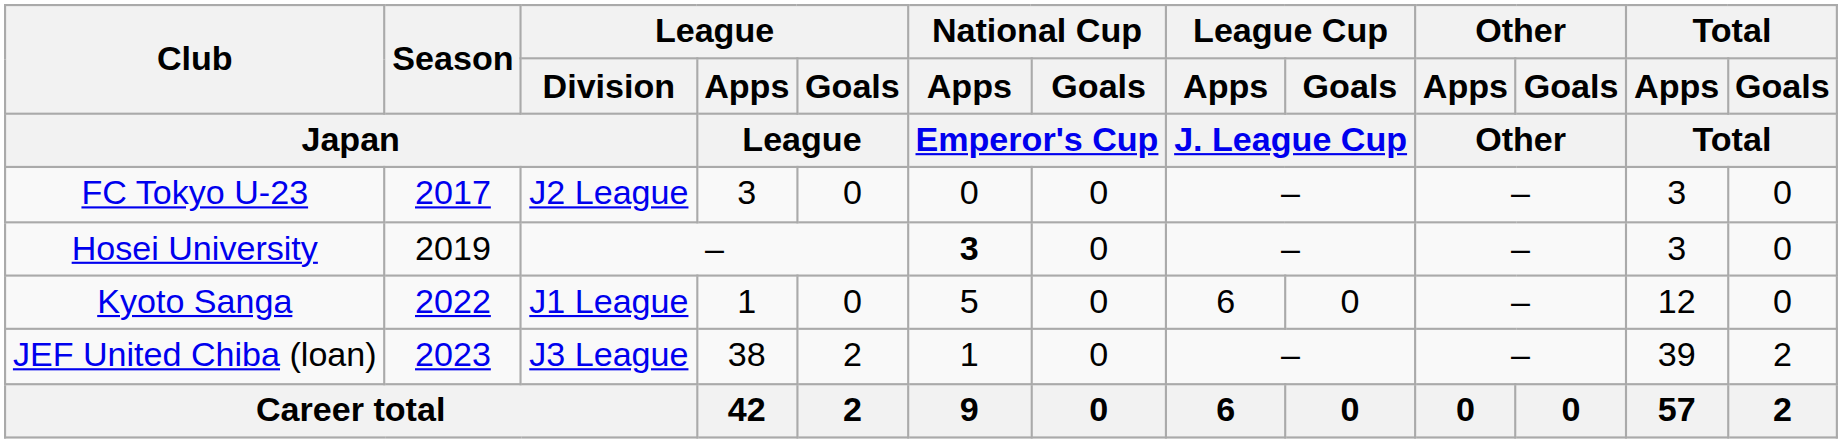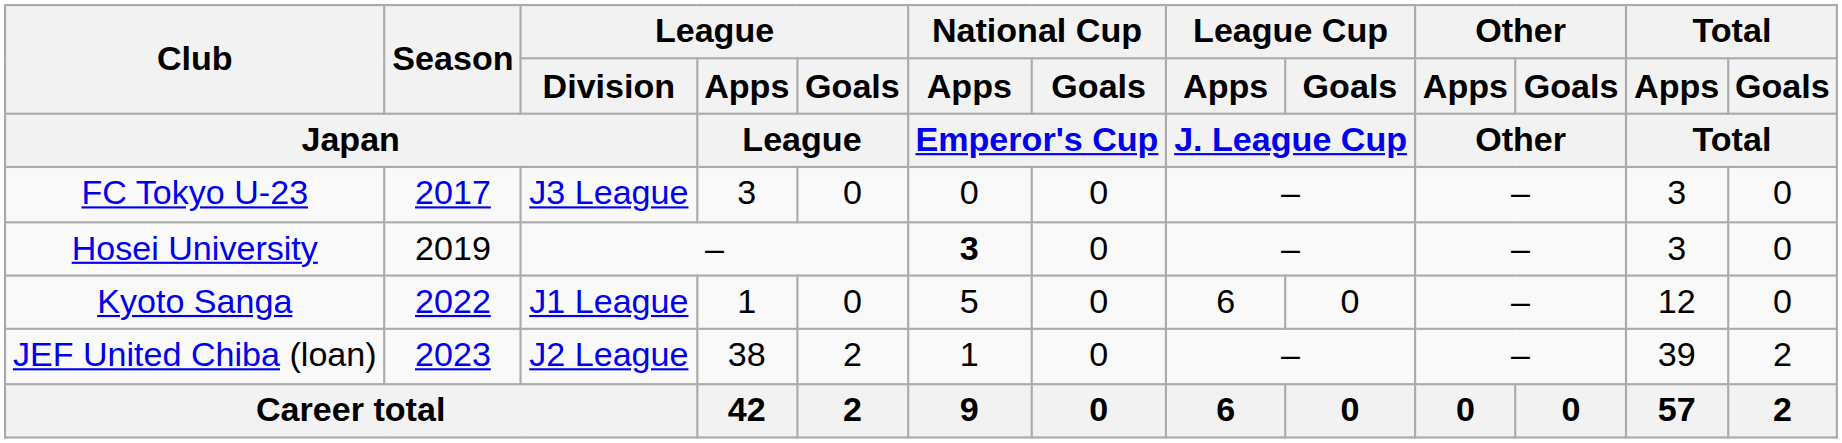 <table class="wikitable" style="text-align: center">
 <tr>
 <th rowspan="2">Club</th>
 <th rowspan="2">Season</th>
 <th colspan="3">League</th>
 <th colspan="2">National Cup</th>
 <th colspan="2">League Cup</th>
 <th colspan="2">Other</th>
 <th colspan="2">Total</th>
 </tr>
 <tr>
 <th>Division</th>
 <th>Apps</th>
 <th>Goals</th>
 <th>Apps</th>
 <th>Goals</th>
 <th>Apps</th>
 <th>Goals</th>
 <th>Apps</th>
 <th>Goals</th>
 <th>Apps</th>
 <th>Goals</th>
 </tr>
 <tr>
 <th colspan=3>Japan</th>
 <th colspan=2>League</th>
 <th colspan=2><a href='#'>Emperor's Cup</a></th>
 <th colspan=2><a href='#'>J. League Cup</a></th>
 <th colspan=2>Other</th>
 <th colspan=2>Total</th>
 </tr>
 <tr>
 <td><a href='#'>FC Tokyo U-23</a></td>
 <td><a href='#'>2017</a></td>
-<td><a href='#'>J2 League</a></td>
+<td><a href='#'>J3 League</a></td>
 <td>3</td>
 <td>0</td>
 <td>0</td>
 <td>0</td>
 <td colspan="2">–</td>
 <td colspan="2">–</td>
 <td>3</td>
 <td>0</td>
 </tr>
 <tr>
 <td><a href='#'>Hosei University</a></td>
 <td>2019</td>
 <td colspan="3">–</td>
 <td><strong>3</strong></td>
 <td>0</td>
 <td colspan="2">–</td>
 <td colspan="2">–</td>
 <td>3</td>
 <td>0</td>
 </tr>
 <tr>
 <td><a href='#'>Kyoto Sanga</a></td>
 <td><a href='#'>2022</a></td>
 <td><a href='#'>J1 League</a></td>
 <td>1</td>
 <td>0</td>
 <td>5</td>
 <td>0</td>
 <td>6</td>
 <td>0</td>
 <td colspan="2">–</td>
 <td>12</td>
 <td>0</td>
 </tr>
 <tr>
 <td><a href='#'>JEF United Chiba</a> (loan)</td>
 <td><a href='#'>2023</a></td>
-<td><a href='#'>J3 League</a></td>
+<td><a href='#'>J2 League</a></td>
 <td>38</td>
 <td>2</td>
 <td>1</td>
 <td>0</td>
 <td colspan="2">–</td>
 <td colspan="2">–</td>
 <td>39</td>
 <td>2</td>
 </tr>
 <tr>
 <th colspan="3">Career total</th>
 <th>42</th>
 <th>2</th>
 <th>9</th>
 <th>0</th>
 <th>6</th>
 <th>0</th>
 <th>0</th>
 <th>0</th>
 <th>57</th>
 <th>2</th>
 </tr>
 </table>
